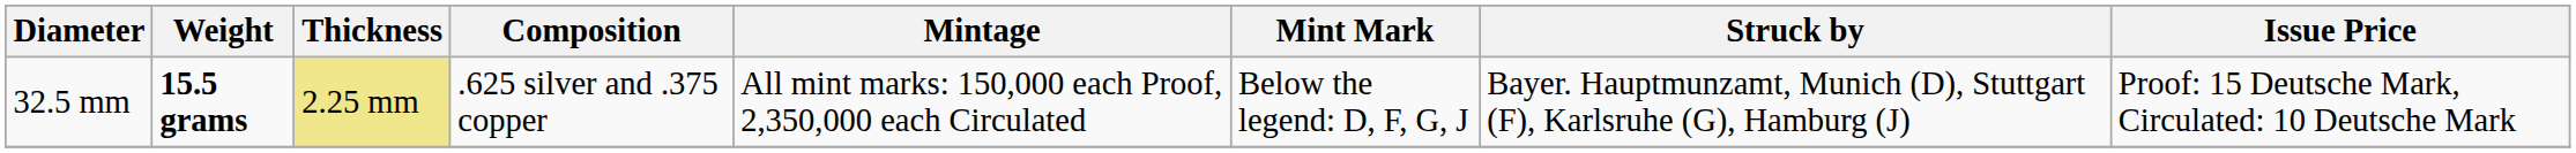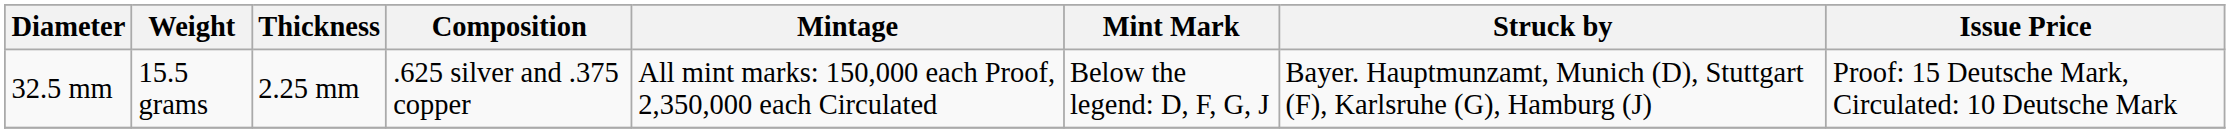 <table class="wikitable">
 <tr>
 <th>Diameter</th>
 <th>Weight</th>
 <th>Thickness</th>
 <th>Composition</th>
 <th>Mintage</th>
 <th>Mint Mark</th>
 <th>Struck by</th>
 <th>Issue Price</th>
 </tr>
 <tr>
 <td>32.5 mm</td>
-<td><strong>15.5 grams</strong></td>
-<td style="background: khaki;">2.25 mm</td>
+<td>15.5 grams</td>
+<td>2.25 mm</td>
 <td>.625 silver and .375 copper</td>
 <td>All mint marks: 150,000 each Proof, 2,350,000 each Circulated</td>
 <td>Below the legend: D, F, G, J</td>
 <td>Bayer. Hauptmunzamt, Munich (D), Stuttgart (F), Karlsruhe (G), Hamburg (J)</td>
 <td>Proof: 15 Deutsche Mark, Circulated: 10 Deutsche Mark</td>
 </tr>
 <tr>
 </tr>
 </table>
